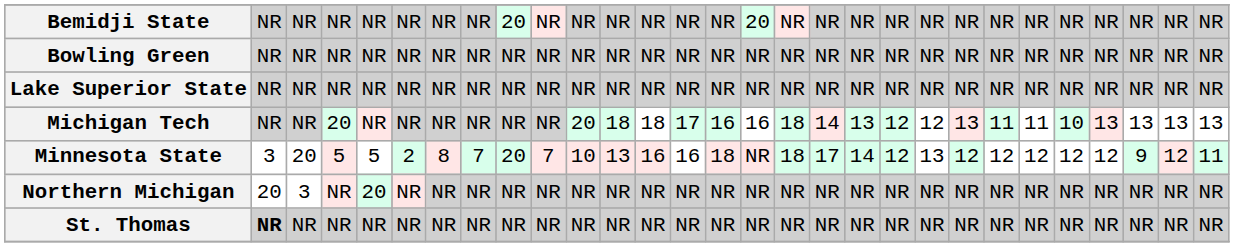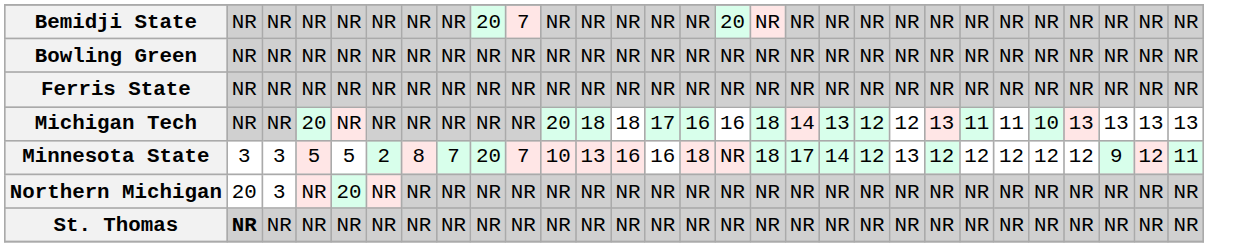 <table class="wikitable sortable" style="text-align: center;">
 <tr>
 </tr>
 <tr bgcolor=d0d0d0>
 <th>Bemidji State</th>
 <td>NR</td>
 <td>NR</td>
 <td>NR</td>
 <td>NR</td>
 <td>NR</td>
 <td>NR</td>
 <td>NR</td>
 <td bgcolor=D8FFEB>20</td>
-<td bgcolor=FFE6E6>NR</td>
+<td bgcolor=FFE6E6>7</td>
 <td>NR</td>
 <td>NR</td>
 <td>NR</td>
 <td>NR</td>
 <td>NR</td>
 <td bgcolor=D8FFEB>20</td>
 <td bgcolor=FFE6E6>NR</td>
 <td>NR</td>
 <td>NR</td>
 <td>NR</td>
 <td>NR</td>
 <td>NR</td>
 <td>NR</td>
 <td>NR</td>
 <td>NR</td>
 <td>NR</td>
 <td>NR</td>
 <td>NR</td>
 <td>NR</td>
 </tr>
 <tr bgcolor=d0d0d0>
 <th>Bowling Green</th>
 <td>NR</td>
 <td>NR</td>
 <td>NR</td>
 <td>NR</td>
 <td>NR</td>
 <td>NR</td>
 <td>NR</td>
 <td>NR</td>
 <td>NR</td>
 <td>NR</td>
 <td>NR</td>
 <td>NR</td>
 <td>NR</td>
 <td>NR</td>
 <td>NR</td>
 <td>NR</td>
 <td>NR</td>
 <td>NR</td>
 <td>NR</td>
 <td>NR</td>
 <td>NR</td>
 <td>NR</td>
 <td>NR</td>
 <td>NR</td>
 <td>NR</td>
 <td>NR</td>
 <td>NR</td>
 <td>NR</td>
 </tr>
 <tr bgcolor=d0d0d0>
-<th>Lake Superior State</th>
+<th>Ferris State</th>
 <td>NR</td>
 <td>NR</td>
 <td>NR</td>
 <td>NR</td>
 <td>NR</td>
 <td>NR</td>
 <td>NR</td>
 <td>NR</td>
 <td>NR</td>
 <td>NR</td>
 <td>NR</td>
 <td>NR</td>
 <td>NR</td>
 <td>NR</td>
 <td>NR</td>
 <td>NR</td>
 <td>NR</td>
 <td>NR</td>
 <td>NR</td>
 <td>NR</td>
 <td>NR</td>
 <td>NR</td>
 <td>NR</td>
 <td>NR</td>
 <td>NR</td>
 <td>NR</td>
 <td>NR</td>
 <td>NR</td>
 </tr>
 <tr bgcolor=d0d0d0>
 <th>Michigan Tech</th>
 <td>NR</td>
 <td>NR</td>
 <td bgcolor=D8FFEB>20</td>
 <td bgcolor=FFE6E6>NR</td>
 <td>NR</td>
 <td>NR</td>
 <td>NR</td>
 <td>NR</td>
 <td>NR</td>
 <td bgcolor=D8FFEB>20</td>
 <td bgcolor=D8FFEB>18</td>
 <td bgcolor=ffffff>18</td>
 <td bgcolor=D8FFEB>17</td>
 <td bgcolor=D8FFEB>16</td>
 <td bgcolor=ffffff>16</td>
 <td bgcolor=D8FFEB>18</td>
 <td bgcolor=FFE6E6>14</td>
 <td bgcolor=D8FFEB>13</td>
 <td bgcolor=D8FFEB>12</td>
 <td bgcolor=ffffff>12</td>
 <td bgcolor=FFE6E6>13</td>
 <td bgcolor=D8FFEB>11</td>
 <td bgcolor=ffffff>11</td>
 <td bgcolor=D8FFEB>10</td>
 <td bgcolor=FFE6E6>13</td>
 <td bgcolor=ffffff>13</td>
 <td bgcolor=ffffff>13</td>
 <td bgcolor=ffffff>13</td>
 </tr>
 <tr bgcolor=d0d0d0>
 <th>Minnesota State</th>
 <td bgcolor=ffffff>3</td>
-<td bgcolor=ffffff>20</td>
+<td bgcolor=ffffff>3</td>
 <td bgcolor=FFE6E6>5</td>
 <td bgcolor=ffffff>5</td>
 <td bgcolor=D8FFEB>2</td>
 <td bgcolor=FFE6E6>8</td>
 <td bgcolor=D8FFEB>7</td>
 <td bgcolor=D8FFEB>20</td>
 <td bgcolor=FFE6E6>7</td>
 <td bgcolor=FFE6E6>10</td>
 <td bgcolor=FFE6E6>13</td>
 <td bgcolor=FFE6E6>16</td>
 <td bgcolor=ffffff>16</td>
 <td bgcolor=FFE6E6>18</td>
 <td bgcolor=FFE6E6>NR</td>
 <td bgcolor=D8FFEB>18</td>
 <td bgcolor=D8FFEB>17</td>
 <td bgcolor=D8FFEB>14</td>
 <td bgcolor=D8FFEB>12</td>
 <td bgcolor=ffffff>13</td>
 <td bgcolor=D8FFEB>12</td>
 <td bgcolor=ffffff>12</td>
 <td bgcolor=ffffff>12</td>
 <td bgcolor=ffffff>12</td>
 <td bgcolor=ffffff>12</td>
 <td bgcolor=D8FFEB>9</td>
 <td bgcolor=FFE6E6>12</td>
 <td bgcolor=D8FFEB>11</td>
 </tr>
 <tr bgcolor=d0d0d0>
 <th>Northern Michigan</th>
 <td bgcolor=ffffff>20</td>
 <td bgcolor=ffffff>3</td>
 <td bgcolor=FFE6E6>NR</td>
 <td bgcolor=D8FFEB>20</td>
 <td bgcolor=FFE6E6>NR</td>
 <td>NR</td>
 <td>NR</td>
 <td>NR</td>
 <td>NR</td>
 <td>NR</td>
 <td>NR</td>
 <td>NR</td>
 <td>NR</td>
 <td>NR</td>
 <td>NR</td>
 <td>NR</td>
 <td>NR</td>
 <td>NR</td>
 <td>NR</td>
 <td>NR</td>
 <td>NR</td>
 <td>NR</td>
 <td>NR</td>
 <td>NR</td>
 <td>NR</td>
 <td>NR</td>
 <td>NR</td>
 <td>NR</td>
 </tr>
 <tr bgcolor=d0d0d0>
 <th>St. Thomas</th>
 <td><strong>NR</strong></td>
 <td>NR</td>
 <td>NR</td>
 <td>NR</td>
 <td>NR</td>
 <td>NR</td>
 <td>NR</td>
 <td>NR</td>
 <td>NR</td>
 <td>NR</td>
 <td>NR</td>
 <td>NR</td>
 <td>NR</td>
 <td>NR</td>
 <td>NR</td>
 <td>NR</td>
 <td>NR</td>
 <td>NR</td>
 <td>NR</td>
 <td>NR</td>
 <td>NR</td>
 <td>NR</td>
 <td>NR</td>
 <td>NR</td>
 <td>NR</td>
 <td>NR</td>
 <td>NR</td>
 <td>NR</td>
 </tr>
 <tr>
 </tr>
 </table>
